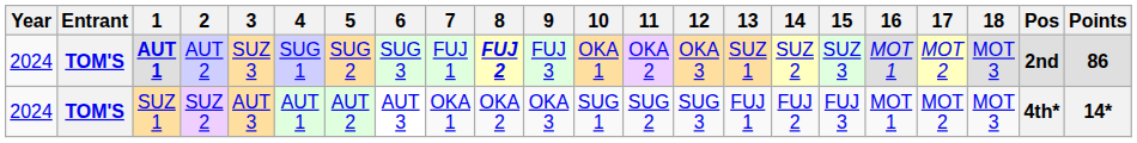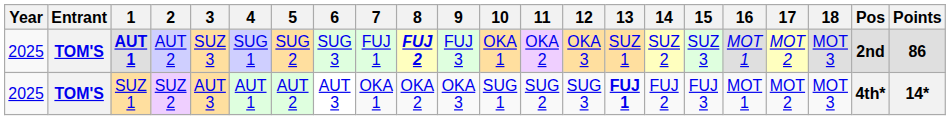 <table class="wikitable" style="text-align:center; font-size:85%">
 <tr>
 <th>Year</th>
 <th>Entrant</th>
 <th>1</th>
 <th>2</th>
 <th>3</th>
 <th>4</th>
 <th>5</th>
 <th>6</th>
 <th>7</th>
 <th>8</th>
 <th>9</th>
 <th>10</th>
 <th>11</th>
 <th>12</th>
 <th>13</th>
 <th>14</th>
 <th>15</th>
 <th>16</th>
 <th>17</th>
 <th>18</th>
 <th>Pos</th>
 <th>Points</th>
 </tr>
 <tr>
-<td><a href='#'>2024</a></td>
+<td><a href='#'>2025</a></td>
 <th><a href='#'>TOM'S</a></th>
 <td style="background:#DFDFDF;"><strong><a href='#'>AUT<br>1</a></strong><br></td>
 <td style="background:#CFCFFF;"><a href='#'>AUT<br>2</a><br></td>
 <td style="background:#FFDF9F;"><a href='#'>SUZ<br>3</a><br></td>
 <td style="background:#CFCFFF;"><a href='#'>SUG<br>1</a><br></td>
 <td style="background:#FFDF9F;"><a href='#'>SUG<br>2</a><br></td>
 <td style="background:#DFFFDF;"><a href='#'>SUG<br>3</a><br></td>
 <td style="background:#DFFFDF;"><a href='#'>FUJ<br>1</a><br></td>
 <td style="background:#FFFFBF;"><strong><em><a href='#'>FUJ<br>2</a></em></strong><br></td>
 <td style="background:#DFFFDF;"><a href='#'>FUJ<br>3</a><br></td>
 <td style="background:#FFDF9F;"><a href='#'>OKA<br>1</a><br></td>
 <td style="background:#EFCFFF;"><a href='#'>OKA<br>2</a><br></td>
 <td style="background:#FFDF9F;"><a href='#'>OKA<br>3</a><br></td>
 <td style="background:#FFDF9F;"><a href='#'>SUZ<br>1</a><br></td>
 <td style="background:#FFFFBF;"><a href='#'>SUZ<br>2</a><br></td>
 <td style="background:#DFFFDF;"><a href='#'>SUZ<br>3</a><br></td>
 <td style="background:#DFDFDF;"><em><a href='#'>MOT<br>1</a></em><br></td>
 <td style="background:#FFFFBF;"><em><a href='#'>MOT<br>2</a></em><br></td>
 <td style="background:#DFDFDF;"><a href='#'>MOT<br>3</a><br></td>
 <th style="background:#DFDFDF;">2nd</th>
 <th style="background:#DFDFDF;">86</th>
 </tr>
 <tr>
-<td><a href='#'>2024</a></td>
+<td><a href='#'>2025</a></td>
 <th><a href='#'>TOM'S</a></th>
 <td style="background:#FFDF9F;"><a href='#'>SUZ<br>1</a><br></td>
 <td style="background:#EFCFFF;"><a href='#'>SUZ<br>2</a><br></td>
 <td style="background:#FFDF9F;"><a href='#'>AUT<br>3</a><br></td>
 <td style="background:#DFFFDF;"><a href='#'>AUT<br>1</a><br></td>
 <td style="background:#DFFFDF;"><a href='#'>AUT<br>2</a><br></td>
 <td style="background:#FFFFFF;"><a href='#'>AUT<br>3</a><br></td>
 <td style="background:#;"><a href='#'>OKA<br>1</a><br></td>
 <td style="background:#;"><a href='#'>OKA<br>2</a><br></td>
 <td style="background:#;"><a href='#'>OKA<br>3</a><br></td>
 <td style="background:#;"><a href='#'>SUG<br>1</a><br></td>
 <td style="background:#;"><a href='#'>SUG<br>2</a><br></td>
 <td style="background:#;"><a href='#'>SUG<br>3</a><br></td>
-<td style="background:#;"><a href='#'>FUJ<br>1</a><br></td>
+<td style="background:#;"><strong><a href='#'>FUJ<br>1</a><br></strong></td>
 <td style="background:#;"><a href='#'>FUJ<br>2</a><br></td>
 <td style="background:#;"><a href='#'>FUJ<br>3</a><br></td>
 <td style="background:#;"><a href='#'>MOT<br>1</a><br></td>
 <td style="background:#;"><a href='#'>MOT<br>2</a><br></td>
 <td style="background:#;"><a href='#'>MOT<br>3</a><br></td>
 <th>4th*</th>
 <th>14*</th>
 </tr>
 </table>
